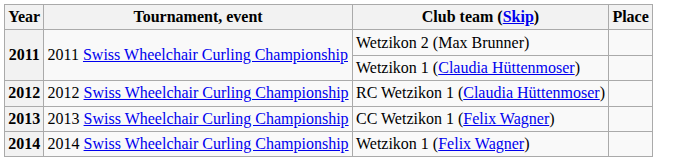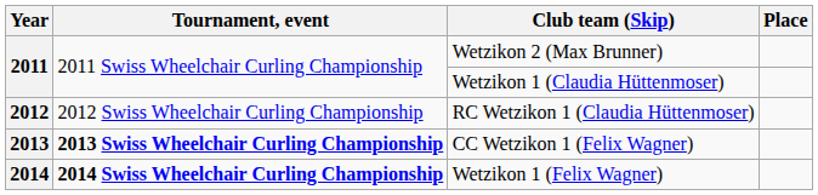 <table class="wikitable">
 <tr>
 <th scope="col">Year</th>
 <th scope="col">Tournament, event</th>
 <th scope="col">Club team (<a href='#'>Skip</a>)</th>
 <th scope="col">Place</th>
 </tr>
 <tr>
 <th scope="row" rowspan="2">2011</th>
 <td rowspan="2">2011 <a href='#'>Swiss Wheelchair Curling Championship</a></td>
 <td>Wetzikon 2 (Max Brunner)</td>
 <td></td>
 </tr>
 <tr>
 <td>Wetzikon 1 (<a href='#'>Claudia Hüttenmoser</a>)</td>
 <td></td>
 </tr>
 <tr>
 <th scope="row">2012</th>
 <td>2012 <a href='#'>Swiss Wheelchair Curling Championship</a></td>
 <td>RC Wetzikon 1 (<a href='#'>Claudia Hüttenmoser</a>)</td>
 <td></td>
 </tr>
 <tr>
 <th scope="row">2013</th>
-<td>2013 <a href='#'>Swiss Wheelchair Curling Championship</a></td>
+<td><strong>2013 <a href='#'>Swiss Wheelchair Curling Championship</a></strong></td>
 <td>CC Wetzikon 1 (<a href='#'>Felix Wagner</a>)</td>
 <td></td>
 </tr>
 <tr>
 <th scope="row">2014</th>
-<td>2014 <a href='#'>Swiss Wheelchair Curling Championship</a></td>
+<td><strong>2014 <a href='#'>Swiss Wheelchair Curling Championship</a></strong></td>
 <td>Wetzikon 1 (<a href='#'>Felix Wagner</a>)</td>
 <td></td>
 </tr>
 </table>
